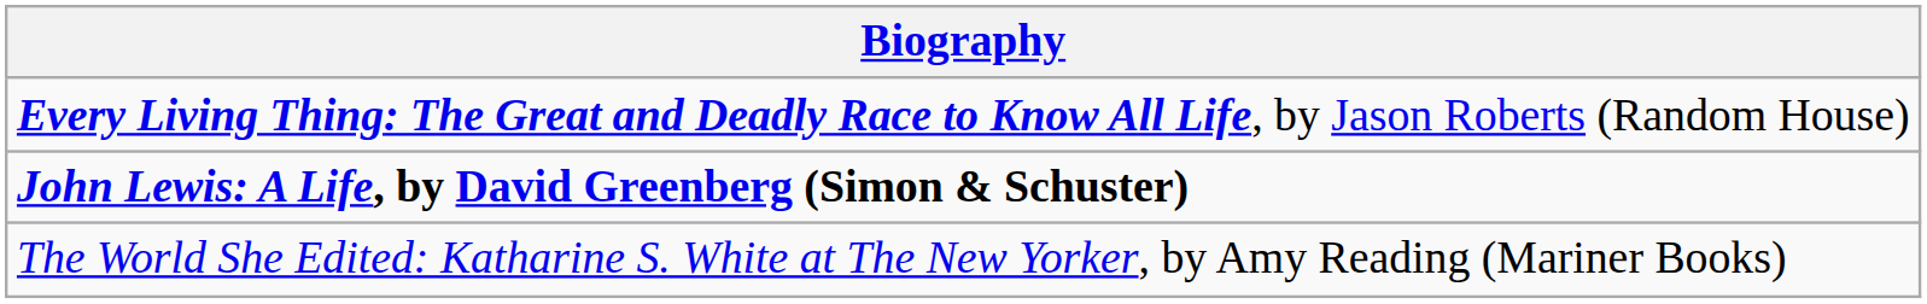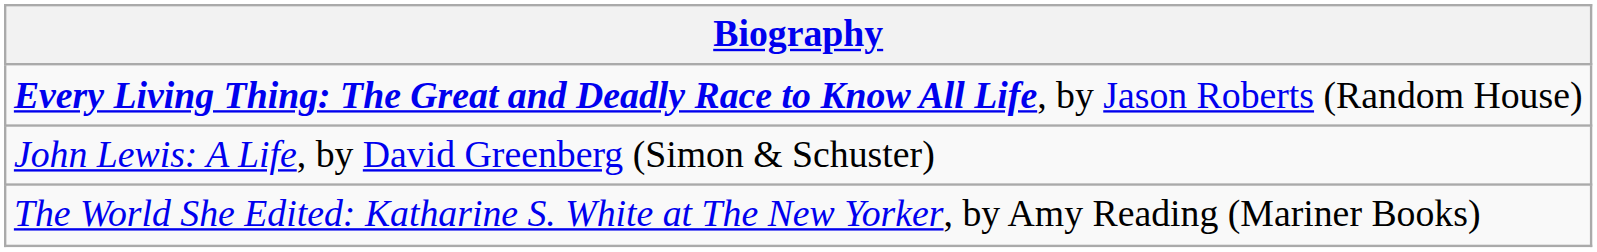 <table class="wikitable" style="float:left; float:none;">
 <tr>
 <th><a href='#'>Biography</a></th>
 </tr>
 <tr>
 <td><strong><em><a href='#'>Every Living Thing: The Great and Deadly Race to Know All Life</a></em></strong>, by <a href='#'>Jason Roberts</a> (Random House)</td>
 </tr>
 <tr>
-<td><strong><em><a href='#'>John Lewis: A Life</a></em>, by <a href='#'>David Greenberg</a> (Simon & Schuster)</strong></td>
+<td><em><a href='#'>John Lewis: A Life</a></em>, by <a href='#'>David Greenberg</a> (Simon & Schuster)</td>
 </tr>
 <tr>
 <td><em><a href='#'>The World She Edited: Katharine S. White at The New Yorker</a></em>, by Amy Reading (Mariner Books)</td>
 </tr>
 </table>
